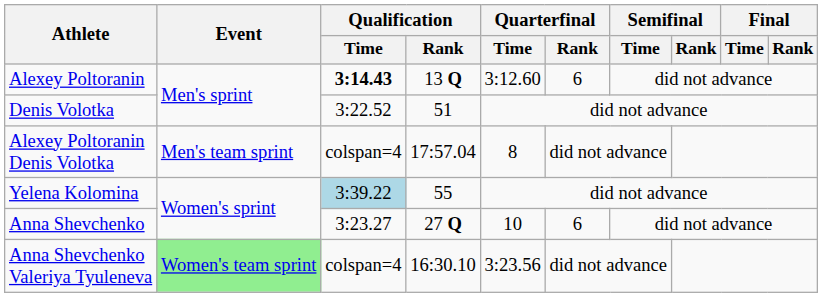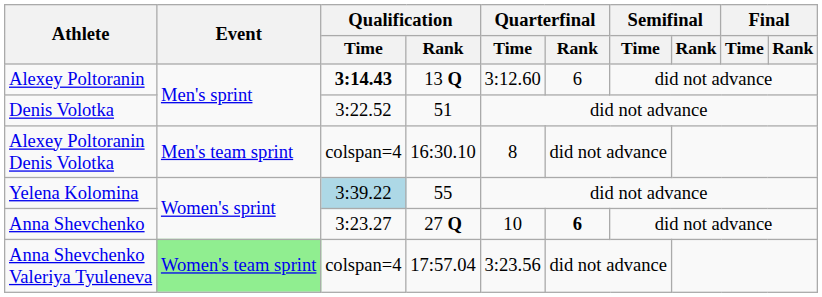 <table class="wikitable" style="font-size:90%">
 <tr>
 <th rowspan="2">Athlete</th>
 <th rowspan="2">Event</th>
 <th colspan="2">Qualification</th>
 <th colspan="2">Quarterfinal</th>
 <th colspan="2">Semifinal</th>
 <th colspan="2">Final</th>
 </tr>
 <tr style="font-size:95%">
 <th>Time</th>
 <th>Rank</th>
 <th>Time</th>
 <th>Rank</th>
 <th>Time</th>
 <th>Rank</th>
 <th>Time</th>
 <th>Rank</th>
 </tr>
 <tr align=center>
 <td align=left><a href='#'>Alexey Poltoranin</a></td>
 <td align=left rowspan=2><a href='#'>Men's sprint</a></td>
 <td><strong>3:14.43</strong></td>
 <td>13 <strong>Q</strong></td>
 <td>3:12.60</td>
 <td>6</td>
 <td colspan=4>did not advance</td>
 </tr>
 <tr align=center>
 <td align=left><a href='#'>Denis Volotka</a></td>
 <td>3:22.52</td>
 <td>51</td>
 <td colspan=6>did not advance</td>
 </tr>
 <tr align=center>
 <td align=left><a href='#'>Alexey Poltoranin</a><br><a href='#'>Denis Volotka</a></td>
 <td align=left><a href='#'>Men's team sprint</a></td>
 <td>colspan=4 </td>
-<td>17:57.04</td>
+<td>16:30.10</td>
 <td>8</td>
 <td colspan=2>did not advance</td>
 </tr>
 <tr align=center>
 <td align=left><a href='#'>Yelena Kolomina</a></td>
 <td align=left rowspan=2><a href='#'>Women's sprint</a></td>
 <td style="background: lightblue;">3:39.22</td>
 <td>55</td>
 <td colspan=6>did not advance</td>
 </tr>
 <tr align=center>
 <td align=left><a href='#'>Anna Shevchenko</a></td>
 <td>3:23.27</td>
 <td>27 <strong>Q</strong></td>
 <td>10</td>
-<td>6</td>
+<td><strong>6</strong></td>
 <td colspan=4>did not advance</td>
 </tr>
 <tr align=center>
 <td align=left><a href='#'>Anna Shevchenko</a><br><a href='#'>Valeriya Tyuleneva</a></td>
 <td align=left style="background: lightgreen;"><a href='#'>Women's team sprint</a></td>
 <td>colspan=4 </td>
-<td>16:30.10</td>
+<td>17:57.04</td>
 <td>3:23.56</td>
 <td colspan=2>did not advance</td>
 </tr>
 </table>
